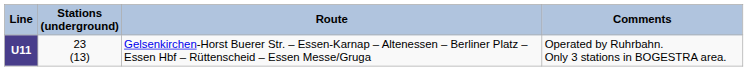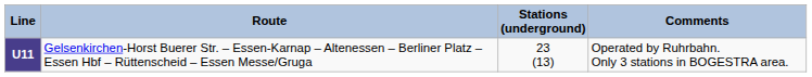 <table class="wikitable">
 <tr>
 <th style="background: lightsteelblue;" width="40px">Line</th>
+<th style="background: lightsteelblue;" width="585px">Route</th>
 <th style="background: lightsteelblue;" width="100px">Stations<br>(underground)</th>
-<th style="background: lightsteelblue;" width="585px">Route</th>
 <th style="background: lightsteelblue;" width="275px">Comments</th>
 </tr>
 <tr>
 <td style="background-color:#483D8B; text-align:center; font-weight:bold; color:white;">U11</td>
+<td><a href='#'>Gelsenkirchen</a>-Horst Buerer Str. – Essen-Karnap – Altenessen – Berliner Platz – Essen Hbf – Rüttenscheid – Essen Messe/Gruga</td>
 <td style="text-align:center;">23<br>(13)</td>
-<td><a href='#'>Gelsenkirchen</a>-Horst Buerer Str. – Essen-Karnap – Altenessen – Berliner Platz – Essen Hbf – Rüttenscheid – Essen Messe/Gruga</td>
 <td>Operated by Ruhrbahn.<br>Only 3 stations in BOGESTRA area.</td>
 </tr>
 </table>
